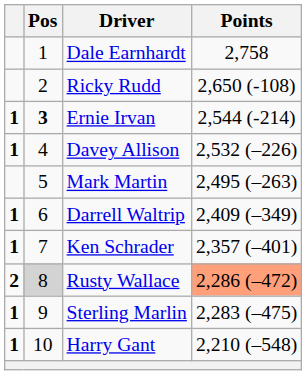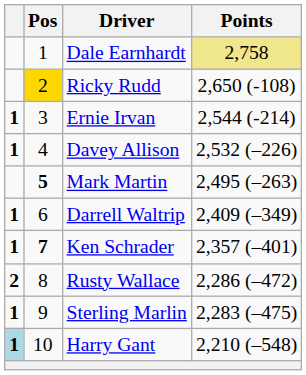 <table class="wikitable" style="font-size: 95%;">
 <tr>
 <th></th>
 <th>Pos</th>
 <th>Driver</th>
 <th>Points</th>
 </tr>
 <tr>
 <td align="left"></td>
 <td style="text-align:center;">1</td>
 <td><a href='#'>Dale Earnhardt</a></td>
-<td style="text-align:center;">2,758</td>
+<td style="background: khaki; text-align:center;">2,758</td>
 </tr>
 <tr>
 <td align="left"></td>
-<td style="text-align:center;">2</td>
+<td style="background: gold; text-align:center;">2</td>
 <td><a href='#'>Ricky Rudd</a></td>
 <td style="text-align:center;">2,650 (-108)</td>
 </tr>
 <tr>
 <td align="left">  <strong>1</strong></td>
-<td style="text-align:center;"><strong>3</strong></td>
+<td style="text-align:center;">3</td>
 <td><a href='#'>Ernie Irvan</a></td>
 <td style="text-align:center;">2,544 (-214)</td>
 </tr>
 <tr>
 <td align="left">  <strong>1</strong></td>
 <td style="text-align:center;">4</td>
 <td><a href='#'>Davey Allison</a></td>
 <td style="text-align:center;">2,532 (–226)</td>
 </tr>
 <tr>
 <td align="left"></td>
-<td style="text-align:center;">5</td>
+<td style="text-align:center;"><strong>5</strong></td>
 <td><a href='#'>Mark Martin</a></td>
 <td style="text-align:center;">2,495 (–263)</td>
 </tr>
 <tr>
 <td align="left">  <strong>1</strong></td>
 <td style="text-align:center;">6</td>
 <td><a href='#'>Darrell Waltrip</a></td>
 <td style="text-align:center;">2,409 (–349)</td>
 </tr>
 <tr>
 <td align="left">  <strong>1</strong></td>
-<td style="text-align:center;">7</td>
+<td style="text-align:center;"><strong>7</strong></td>
 <td><a href='#'>Ken Schrader</a></td>
 <td style="text-align:center;">2,357 (–401)</td>
 </tr>
 <tr>
 <td align="left">  <strong>2</strong></td>
-<td style="background: lightgrey; text-align:center;">8</td>
+<td style="text-align:center;">8</td>
 <td><a href='#'>Rusty Wallace</a></td>
-<td style="background: lightsalmon; text-align:center;">2,286 (–472)</td>
+<td style="text-align:center;">2,286 (–472)</td>
 </tr>
 <tr>
 <td align="left">  <strong>1</strong></td>
 <td style="text-align:center;">9</td>
 <td><a href='#'>Sterling Marlin</a></td>
 <td style="text-align:center;">2,283 (–475)</td>
 </tr>
 <tr>
-<td align="left">  <strong>1</strong></td>
+<td align="left" style="background: lightblue;">  <strong>1</strong></td>
 <td style="text-align:center;">10</td>
 <td><a href='#'>Harry Gant</a></td>
 <td style="text-align:center;">2,210 (–548)</td>
 </tr>
 <tr class="sortbottom">
 <th colspan="9"></th>
 </tr>
 </table>
